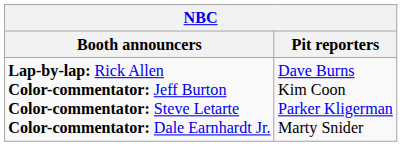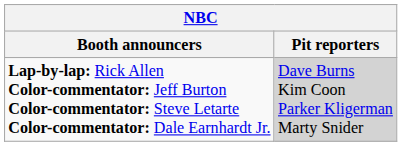 <table class="wikitable" style="font-size: 95%">
 <tr>
 <th colspan="2"><a href='#'>NBC</a></th>
 </tr>
 <tr>
 <th>Booth announcers</th>
 <th>Pit reporters</th>
 </tr>
 <tr>
 <td><strong>Lap-by-lap:</strong> <a href='#'>Rick Allen</a><br><strong>Color-commentator:</strong> <a href='#'>Jeff Burton</a><br><strong>Color-commentator:</strong> <a href='#'>Steve Letarte</a><br><strong>Color-commentator:</strong> <a href='#'>Dale Earnhardt Jr.</a></td>
-<td><a href='#'>Dave Burns</a><br>Kim Coon<br><a href='#'>Parker Kligerman</a><br>Marty Snider</td>
+<td style="background: lightgrey;"><a href='#'>Dave Burns</a><br>Kim Coon<br><a href='#'>Parker Kligerman</a><br>Marty Snider</td>
 </tr>
 </table>
